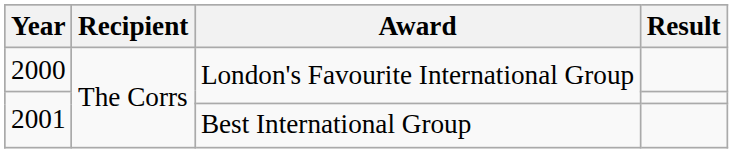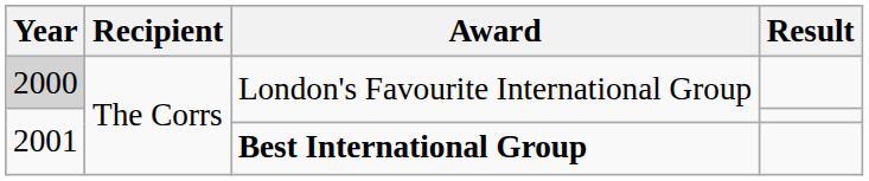 <table class="wikitable">
 <tr>
 <th>Year</th>
 <th>Recipient</th>
 <th>Award</th>
 <th>Result</th>
 </tr>
 <tr>
-<td>2000</td>
+<td style="background: lightgrey;">2000</td>
 <td rowspan="3">The Corrs</td>
 <td rowspan="2">London's Favourite International Group</td>
 <td></td>
 </tr>
 <tr>
 <td rowspan="2">2001</td>
 <td></td>
 </tr>
 <tr>
-<td>Best International Group</td>
+<td><strong>Best International Group</strong></td>
 <td></td>
 </tr>
 </table>
